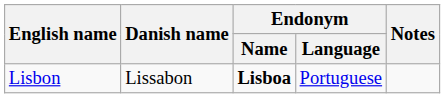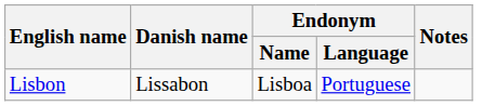 <table class="wikitable sortable mw-collapsible">
 <tr>
 <th rowspan="2">English name</th>
 <th rowspan="2">Danish name</th>
 <th colspan="2">Endonym</th>
 <th rowspan="2">Notes</th>
 </tr>
 <tr>
 <th>Name</th>
 <th>Language</th>
 </tr>
 <tr>
 <td><a href='#'>Lisbon</a></td>
 <td>Lissabon</td>
-<td><strong>Lisboa</strong></td>
+<td>Lisboa</td>
 <td><a href='#'>Portuguese</a></td>
 <td></td>
 </tr>
 </table>
